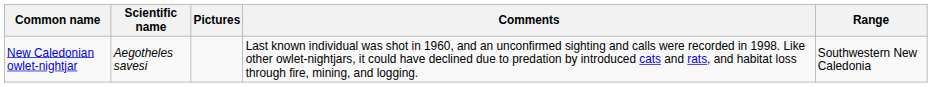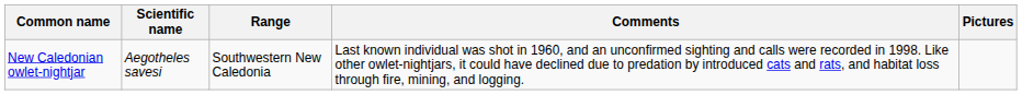 <table class="wikitable">
 <tr>
 <th>Common name</th>
 <th>Scientific name</th>
+<th>Range</th>
+<th class="unsortable">Comments</th>
 <th>Pictures</th>
-<th class="unsortable">Comments</th>
-<th>Range</th>
 </tr>
 <tr>
 <td><a href='#'>New Caledonian owlet-nightjar</a></td>
 <td><em>Aegotheles savesi</em></td>
+<td>Southwestern New Caledonia</td>
+<td>Last known individual was shot in 1960, and an unconfirmed sighting and calls were recorded in 1998. Like other owlet-nightjars, it could have declined due to predation by introduced <a href='#'>cats</a> and <a href='#'>rats</a>, and habitat loss through fire, mining, and logging.</td>
 <td></td>
-<td>Last known individual was shot in 1960, and an unconfirmed sighting and calls were recorded in 1998. Like other owlet-nightjars, it could have declined due to predation by introduced <a href='#'>cats</a> and <a href='#'>rats</a>, and habitat loss through fire, mining, and logging.</td>
-<td>Southwestern New Caledonia</td>
 </tr>
 </table>
